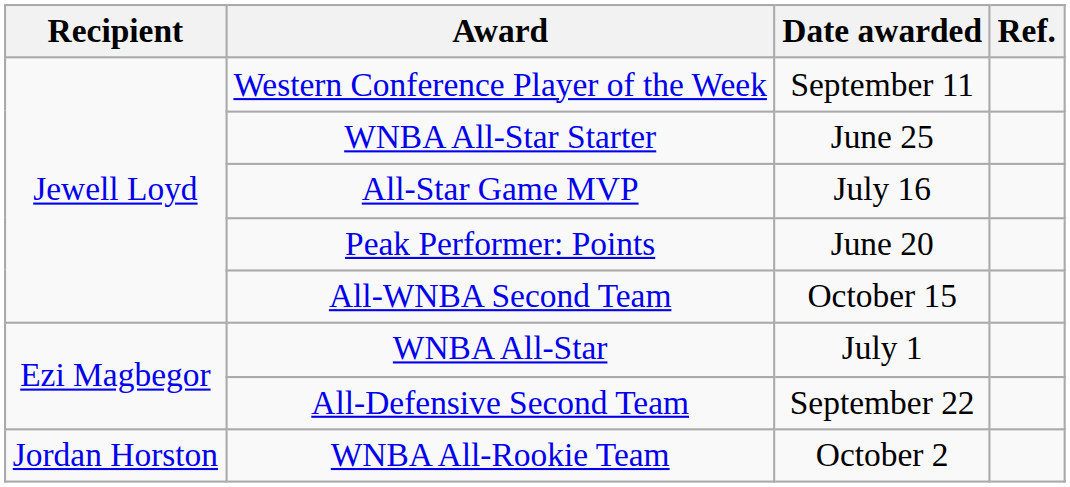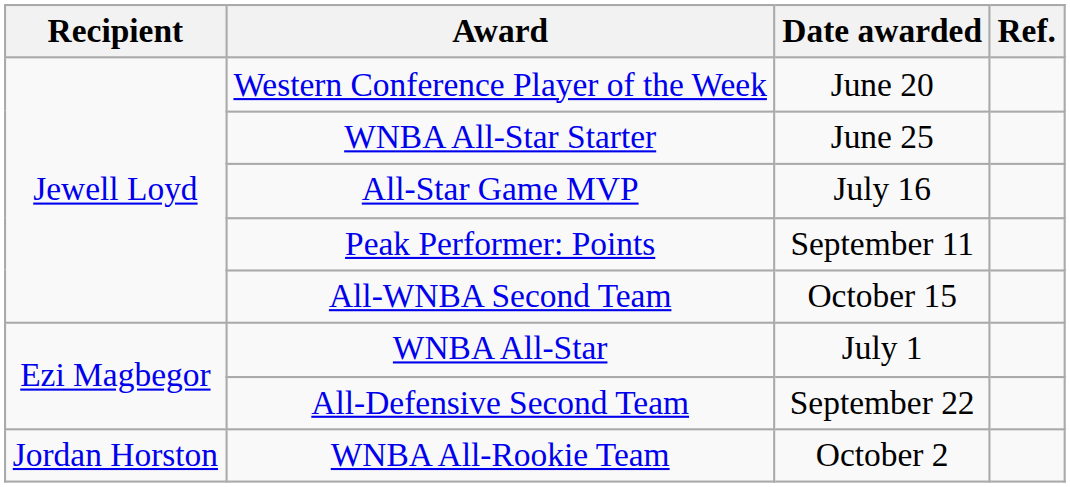 <table class="wikitable sortable sortable" style="text-align: center">
 <tr>
 <th>Recipient</th>
 <th>Award</th>
 <th>Date awarded</th>
 <th>Ref.</th>
 </tr>
 <tr>
 <td rowspan= 5><a href='#'>Jewell Loyd</a></td>
 <td><a href='#'>Western Conference Player of the Week</a></td>
-<td>September 11</td>
+<td>June 20</td>
 <td></td>
 </tr>
 <tr>
 <td><a href='#'>WNBA All-Star Starter</a></td>
 <td>June 25</td>
 <td></td>
 </tr>
 <tr>
 <td><a href='#'>All-Star Game MVP</a></td>
 <td>July 16</td>
 <td></td>
 </tr>
 <tr>
 <td><a href='#'>Peak Performer: Points</a></td>
-<td>June 20</td>
+<td>September 11</td>
 <td></td>
 </tr>
 <tr>
 <td><a href='#'>All-WNBA Second Team</a></td>
 <td>October 15</td>
 <td></td>
 </tr>
 <tr>
 <td rowspan=2><a href='#'>Ezi Magbegor</a></td>
 <td><a href='#'>WNBA All-Star</a></td>
 <td>July 1</td>
 <td></td>
 </tr>
 <tr>
 <td><a href='#'>All-Defensive Second Team</a></td>
 <td>September 22</td>
 <td></td>
 </tr>
 <tr>
 <td><a href='#'>Jordan Horston</a></td>
 <td><a href='#'>WNBA All-Rookie Team</a></td>
 <td>October 2</td>
 <td></td>
 </tr>
 </table>
